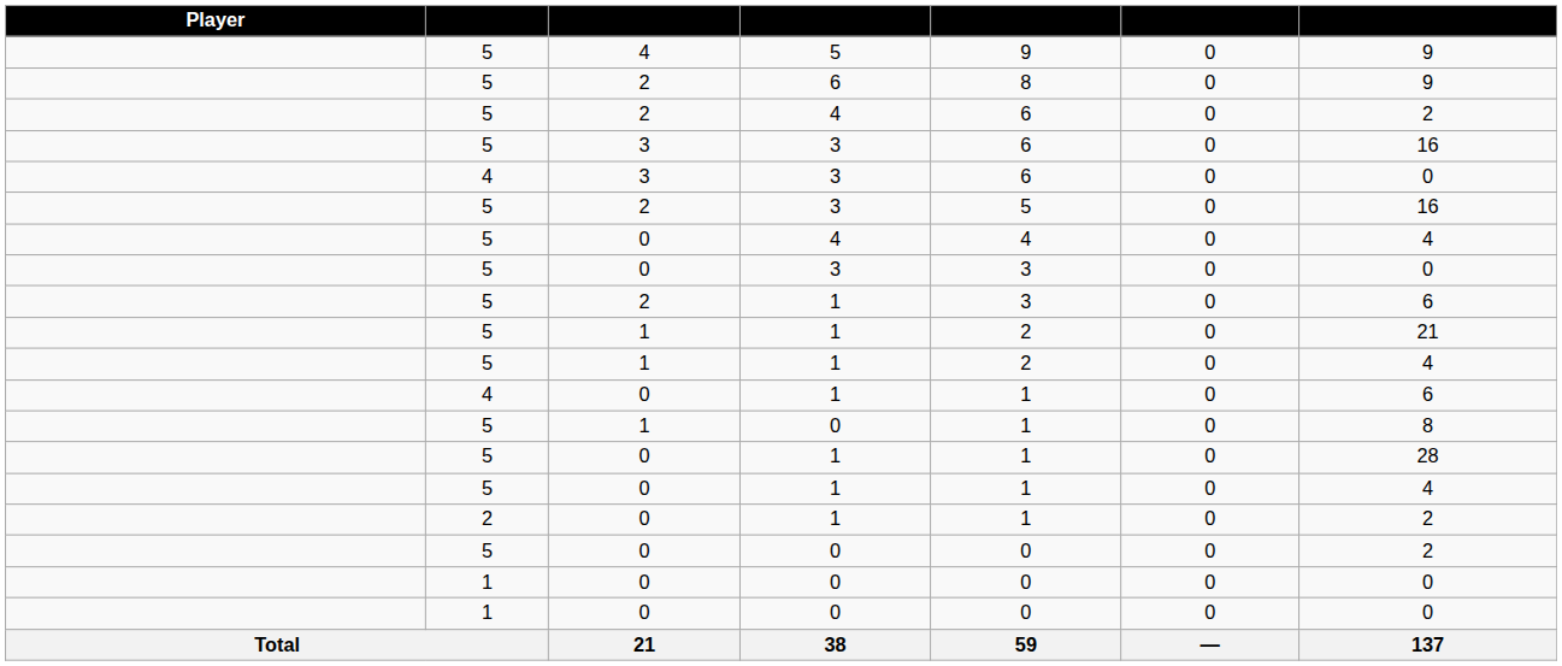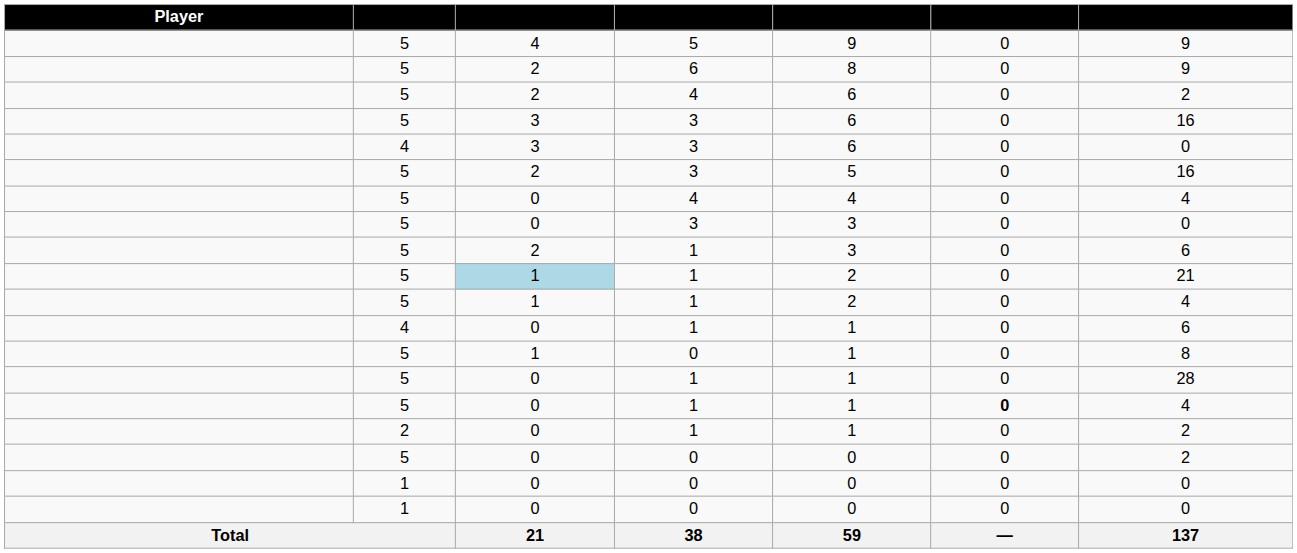 <table class="wikitable sortable" style="width:100%; text-align:center;">
 <tr>
 <th style="color:white; background:#000000; ">Player</th>
 <th style="color:white; background:#000000; "></th>
 <th style="color:white; background:#000000; "></th>
 <th style="color:white; background:#000000; "></th>
 <th style="color:white; background:#000000; "></th>
 <th style="color:white; background:#000000; "></th>
 <th style="color:white; background:#000000; "></th>
 </tr>
 <tr>
 <td></td>
 <td>5</td>
 <td>4</td>
 <td>5</td>
 <td>9</td>
 <td>0</td>
 <td>9</td>
 </tr>
 <tr>
 <td></td>
 <td>5</td>
 <td>2</td>
 <td>6</td>
 <td>8</td>
 <td>0</td>
 <td>9</td>
 </tr>
 <tr>
 <td></td>
 <td>5</td>
 <td>2</td>
 <td>4</td>
 <td>6</td>
 <td>0</td>
 <td>2</td>
 </tr>
 <tr>
 <td></td>
 <td>5</td>
 <td>3</td>
 <td>3</td>
 <td>6</td>
 <td>0</td>
 <td>16</td>
 </tr>
 <tr>
 <td></td>
 <td>4</td>
 <td>3</td>
 <td>3</td>
 <td>6</td>
 <td>0</td>
 <td>0</td>
 </tr>
 <tr>
 <td></td>
 <td>5</td>
 <td>2</td>
 <td>3</td>
 <td>5</td>
 <td>0</td>
 <td>16</td>
 </tr>
 <tr>
 <td></td>
 <td>5</td>
 <td>0</td>
 <td>4</td>
 <td>4</td>
 <td>0</td>
 <td>4</td>
 </tr>
 <tr>
 <td></td>
 <td>5</td>
 <td>0</td>
 <td>3</td>
 <td>3</td>
 <td>0</td>
 <td>0</td>
 </tr>
 <tr>
 <td></td>
 <td>5</td>
 <td>2</td>
 <td>1</td>
 <td>3</td>
 <td>0</td>
 <td>6</td>
 </tr>
 <tr>
 <td></td>
 <td>5</td>
-<td>1</td>
+<td style="background: lightblue;">1</td>
 <td>1</td>
 <td>2</td>
 <td>0</td>
 <td>21</td>
 </tr>
 <tr>
 <td></td>
 <td>5</td>
 <td>1</td>
 <td>1</td>
 <td>2</td>
 <td>0</td>
 <td>4</td>
 </tr>
 <tr>
 <td></td>
 <td>4</td>
 <td>0</td>
 <td>1</td>
 <td>1</td>
 <td>0</td>
 <td>6</td>
 </tr>
 <tr>
 <td></td>
 <td>5</td>
 <td>1</td>
 <td>0</td>
 <td>1</td>
 <td>0</td>
 <td>8</td>
 </tr>
 <tr>
 <td></td>
 <td>5</td>
 <td>0</td>
 <td>1</td>
 <td>1</td>
 <td>0</td>
 <td>28</td>
 </tr>
 <tr>
 <td></td>
 <td>5</td>
 <td>0</td>
 <td>1</td>
 <td>1</td>
-<td>0</td>
+<td><strong>0</strong></td>
 <td>4</td>
 </tr>
 <tr>
 <td></td>
 <td>2</td>
 <td>0</td>
 <td>1</td>
 <td>1</td>
 <td>0</td>
 <td>2</td>
 </tr>
 <tr>
 <td></td>
 <td>5</td>
 <td>0</td>
 <td>0</td>
 <td>0</td>
 <td>0</td>
 <td>2</td>
 </tr>
 <tr>
 <td></td>
 <td>1</td>
 <td>0</td>
 <td>0</td>
 <td>0</td>
 <td>0</td>
 <td>0</td>
 </tr>
 <tr>
 <td></td>
 <td>1</td>
 <td>0</td>
 <td>0</td>
 <td>0</td>
 <td>0</td>
 <td>0</td>
 </tr>
 <tr class="sortbottom">
 <th colspan=2>Total</th>
 <th>21</th>
 <th>38</th>
 <th>59</th>
 <th>—</th>
 <th>137</th>
 </tr>
 </table>
